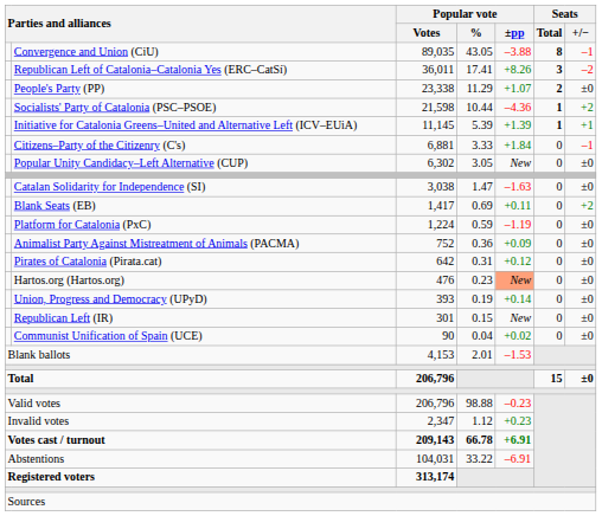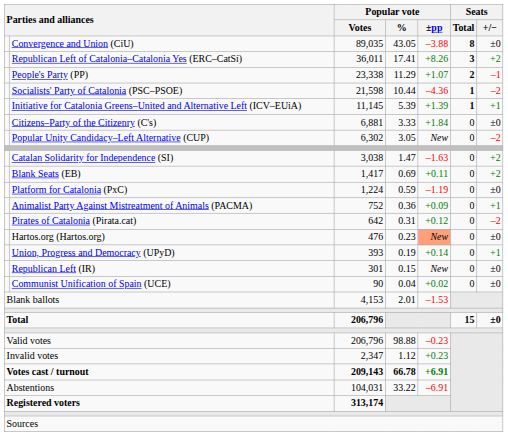 <table class="wikitable" style="text-align:right;">
 <tr>
 <th style="text-align:left;" rowspan="2" colspan="2" width="525">Parties and alliances</th>
 <th colspan="3">Popular vote</th>
 <th colspan="2">Seats</th>
 </tr>
 <tr>
 <th width="75">Votes</th>
 <th width="45">%</th>
 <th width="45">±<a href='#'>pp</a></th>
 <th width="35">Total</th>
 <th width="35">+/−</th>
 </tr>
 <tr>
 <td width="1" style="color:inherit;background:"></td>
 <td align="left"><a href='#'>Convergence and Union</a> (CiU)</td>
 <td>89,035</td>
 <td>43.05</td>
 <td style="color:red;">–3.88</td>
 <td><strong>8</strong></td>
-<td style="color:red;">–1</td>
+<td>±0</td>
 </tr>
 <tr>
 <td style="color:inherit;background:"></td>
 <td align="left"><a href='#'>Republican Left of Catalonia–Catalonia Yes</a> (ERC–CatSí)</td>
 <td>36,011</td>
 <td>17.41</td>
 <td style="color:green;">+8.26</td>
 <td><strong>3</strong></td>
-<td style="color:red;">–2</td>
+<td style="color:green;">+2</td>
 </tr>
 <tr>
 <td style="color:inherit;background:"></td>
 <td align="left"><a href='#'>People's Party</a> (PP)</td>
 <td>23,338</td>
 <td>11.29</td>
 <td style="color:green;">+1.07</td>
 <td><strong>2</strong></td>
-<td>±0</td>
+<td style="color:red;">–1</td>
 </tr>
 <tr>
 <td style="color:inherit;background:"></td>
 <td align="left"><a href='#'>Socialists' Party of Catalonia</a> (PSC–PSOE)</td>
 <td>21,598</td>
 <td>10.44</td>
 <td style="color:red;">–4.36</td>
 <td><strong>1</strong></td>
-<td style="color:green;">+2</td>
+<td style="color:red;">–2</td>
 </tr>
 <tr>
 <td style="color:inherit;background:"></td>
 <td align="left"><a href='#'>Initiative for Catalonia Greens–United and Alternative Left</a> (ICV–EUiA)</td>
 <td>11,145</td>
 <td>5.39</td>
 <td style="color:green;">+1.39</td>
 <td><strong>1</strong></td>
 <td style="color:green;">+1</td>
 </tr>
 <tr>
 <td style="color:inherit;background:"></td>
 <td align="left"><a href='#'>Citizens–Party of the Citizenry</a> (C's)</td>
 <td>6,881</td>
 <td>3.33</td>
 <td style="color:green;">+1.84</td>
 <td>0</td>
-<td style="color:red;">–1</td>
+<td>±0</td>
 </tr>
 <tr>
 <td style="color:inherit;background:"></td>
 <td align="left"><a href='#'>Popular Unity Candidacy–Left Alternative</a> (CUP)</td>
 <td>6,302</td>
 <td>3.05</td>
 <td><em>New</em></td>
 <td>0</td>
-<td>±0</td>
+<td style="color:red;">–2</td>
 </tr>
 <tr>
 <td colspan="7" bgcolor="#C0C0C0"></td>
 </tr>
 <tr>
 <td style="color:inherit;background:"></td>
 <td align="left"><a href='#'>Catalan Solidarity for Independence</a> (SI)</td>
 <td>3,038</td>
 <td>1.47</td>
 <td style="color:red;">–1.63</td>
 <td>0</td>
-<td>±0</td>
+<td style="color:green;">+2</td>
 </tr>
 <tr>
 <td style="color:inherit;background:"></td>
 <td align="left"><a href='#'>Blank Seats</a> (EB)</td>
 <td>1,417</td>
 <td>0.69</td>
 <td style="color:green;">+0.11</td>
 <td>0</td>
 <td style="color:green;">+2</td>
 </tr>
 <tr>
 <td style="color:inherit;background:"></td>
 <td align="left"><a href='#'>Platform for Catalonia</a> (PxC)</td>
 <td>1,224</td>
 <td>0.59</td>
 <td style="color:red;">–1.19</td>
 <td>0</td>
 <td>±0</td>
 </tr>
 <tr>
 <td style="color:inherit;background:"></td>
 <td align="left"><a href='#'>Animalist Party Against Mistreatment of Animals</a> (PACMA)</td>
 <td>752</td>
 <td>0.36</td>
 <td style="color:green;">+0.09</td>
 <td>0</td>
-<td>±0</td>
+<td style="color:green;">+1</td>
 </tr>
 <tr>
 <td style="color:inherit;background:"></td>
 <td align="left"><a href='#'>Pirates of Catalonia</a> (Pirata.cat)</td>
 <td>642</td>
 <td>0.31</td>
 <td style="color:green;">+0.12</td>
 <td>0</td>
-<td>±0</td>
+<td style="color:red;">–2</td>
 </tr>
 <tr>
 <td style="color:inherit;background:"></td>
 <td align="left">Hartos.org (Hartos.org)</td>
 <td>476</td>
 <td>0.23</td>
 <td style="background: lightsalmon;"><em>New</em></td>
 <td>0</td>
 <td>±0</td>
 </tr>
 <tr>
 <td style="color:inherit;background:"></td>
 <td align="left"><a href='#'>Union, Progress and Democracy</a> (UPyD)</td>
 <td>393</td>
 <td>0.19</td>
 <td style="color:green;">+0.14</td>
 <td>0</td>
-<td>±0</td>
+<td style="color:green;">+1</td>
 </tr>
 <tr>
 <td style="color:inherit;background:"></td>
 <td align="left"><a href='#'>Republican Left</a> (IR)</td>
 <td>301</td>
 <td>0.15</td>
 <td><em>New</em></td>
 <td>0</td>
 <td>±0</td>
 </tr>
 <tr>
 <td style="color:inherit;background:"></td>
 <td align="left"><a href='#'>Communist Unification of Spain</a> (UCE)</td>
 <td>90</td>
 <td>0.04</td>
 <td style="color:green;">+0.02</td>
 <td>0</td>
 <td>±0</td>
 </tr>
 <tr>
 <td align="left" colspan="2">Blank ballots</td>
 <td>4,153</td>
 <td>2.01</td>
 <td style="color:red;">–1.53</td>
 <td bgcolor="#E9E9E9" colspan="2"></td>
 </tr>
 <tr>
 <td colspan="7" bgcolor="#E9E9E9"></td>
 </tr>
 <tr style="font-weight:bold;">
 <td align="left" colspan="2">Total</td>
 <td>206,796</td>
 <td bgcolor="#E9E9E9" colspan="2"></td>
 <td>15</td>
 <td>±0</td>
 </tr>
 <tr>
 <td colspan="7" bgcolor="#E9E9E9"></td>
 </tr>
 <tr>
 <td align="left" colspan="2">Valid votes</td>
 <td>206,796</td>
 <td>98.88</td>
 <td style="color:red;">–0.23</td>
 <td bgcolor="#E9E9E9" colspan="2" rowspan="5"></td>
 </tr>
 <tr>
 <td align="left" colspan="2">Invalid votes</td>
 <td>2,347</td>
 <td>1.12</td>
 <td style="color:green;">+0.23</td>
 </tr>
 <tr style="font-weight:bold;">
 <td align="left" colspan="2">Votes cast / turnout</td>
 <td>209,143</td>
 <td>66.78</td>
 <td style="color:green;">+6.91</td>
 </tr>
 <tr>
 <td align="left" colspan="2">Abstentions</td>
 <td>104,031</td>
 <td>33.22</td>
 <td style="color:red;">–6.91</td>
 </tr>
 <tr style="font-weight:bold;">
 <td align="left" colspan="2">Registered voters</td>
 <td>313,174</td>
 <td bgcolor="#E9E9E9" colspan="2"></td>
 </tr>
 <tr>
 <td colspan="7" bgcolor="#E9E9E9"></td>
 </tr>
 <tr>
 <td align="left" colspan="7">Sources</td>
 </tr>
 </table>
